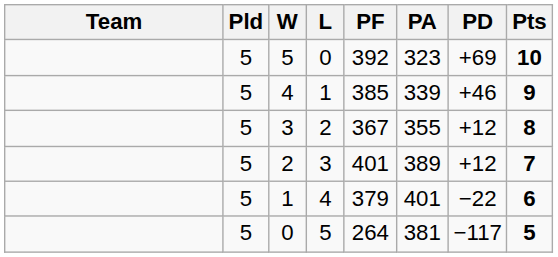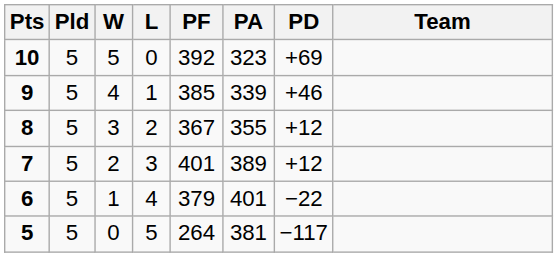 <table class="wikitable" style="text-align:center;">
 <tr>
-<th width=150>Team</th>
+<th width=20>Pts</th>
 <th width=20>Pld</th>
 <th width=20>W</th>
 <th width=20>L</th>
 <th width=30>PF</th>
 <th width=30>PA</th>
 <th width=30>PD</th>
-<th width=20>Pts</th>
+<th width=150>Team</th>
 </tr>
 <tr>
-<td align="left"></td>
+<td><strong>10</strong></td>
 <td>5</td>
 <td>5</td>
 <td>0</td>
 <td>392</td>
 <td>323</td>
 <td>+69</td>
-<td><strong>10</strong></td>
+<td align="left"></td>
 </tr>
 <tr>
-<td align="left"></td>
+<td><strong>9</strong></td>
 <td>5</td>
 <td>4</td>
 <td>1</td>
 <td>385</td>
 <td>339</td>
 <td>+46</td>
-<td><strong>9</strong></td>
+<td align="left"></td>
 </tr>
 <tr>
-<td align="left"></td>
+<td><strong>8</strong></td>
 <td>5</td>
 <td>3</td>
 <td>2</td>
 <td>367</td>
 <td>355</td>
 <td>+12</td>
-<td><strong>8</strong></td>
+<td align="left"></td>
 </tr>
 <tr>
-<td align="left"></td>
+<td><strong>7</strong></td>
 <td>5</td>
 <td>2</td>
 <td>3</td>
 <td>401</td>
 <td>389</td>
 <td>+12</td>
-<td><strong>7</strong></td>
+<td align="left"></td>
 </tr>
 <tr>
-<td align="left"></td>
+<td><strong>6</strong></td>
 <td>5</td>
 <td>1</td>
 <td>4</td>
 <td>379</td>
 <td>401</td>
 <td>−22</td>
-<td><strong>6</strong></td>
+<td align="left"></td>
 </tr>
 <tr>
-<td align="left"></td>
+<td><strong>5</strong></td>
 <td>5</td>
 <td>0</td>
 <td>5</td>
 <td>264</td>
 <td>381</td>
 <td>−117</td>
-<td><strong>5</strong></td>
+<td align="left"></td>
 </tr>
 </table>
